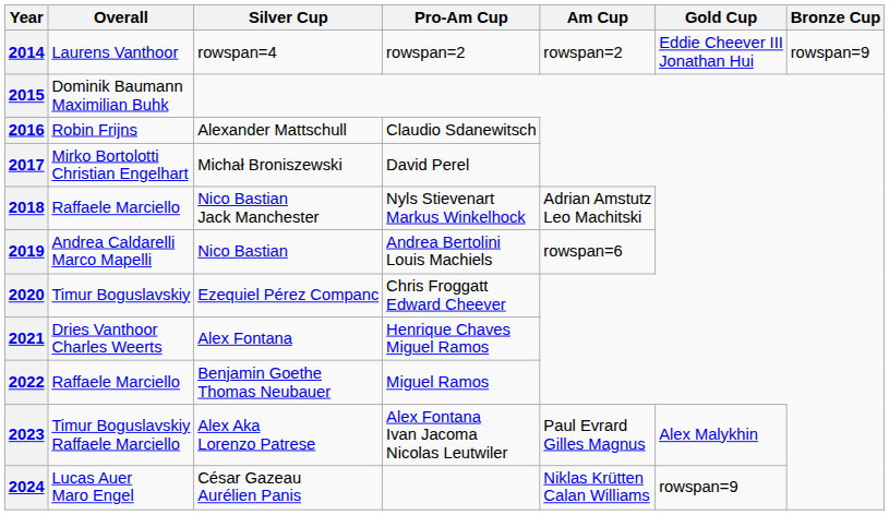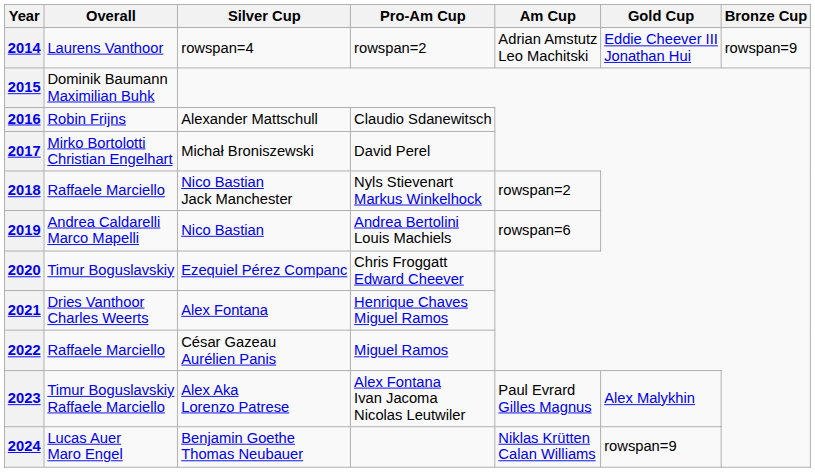 <table class="wikitable">
 <tr>
 <th>Year</th>
 <th>Overall</th>
 <th>Silver Cup</th>
 <th>Pro-Am Cup</th>
 <th>Am Cup</th>
 <th>Gold Cup</th>
 <th>Bronze Cup</th>
 </tr>
 <tr>
 <th><a href='#'>2014</a></th>
 <td> <a href='#'>Laurens Vanthoor</a></td>
 <td>rowspan=4 </td>
 <td>rowspan=2 </td>
-<td>rowspan=2 </td>
+<td> Adrian Amstutz<br> Leo Machitski</td>
 <td> <a href='#'>Eddie Cheever III</a><br> <a href='#'>Jonathan Hui</a></td>
 <td>rowspan=9 </td>
 </tr>
 <tr>
 <th><a href='#'>2015</a></th>
 <td> Dominik Baumann<br> <a href='#'>Maximilian Buhk</a></td>
 </tr>
 <tr>
 <th><a href='#'>2016</a></th>
 <td> <a href='#'>Robin Frijns</a></td>
 <td> Alexander Mattschull</td>
 <td> Claudio Sdanewitsch</td>
 </tr>
 <tr>
 <th><a href='#'>2017</a></th>
 <td> <a href='#'>Mirko Bortolotti</a><br> <a href='#'>Christian Engelhart</a></td>
 <td> Michał Broniszewski</td>
 <td> David Perel</td>
 </tr>
 <tr>
 <th><a href='#'>2018</a></th>
 <td> <a href='#'>Raffaele Marciello</a></td>
 <td> <a href='#'>Nico Bastian</a><br> Jack Manchester</td>
 <td> Nyls Stievenart<br> <a href='#'>Markus Winkelhock</a></td>
-<td> Adrian Amstutz<br> Leo Machitski</td>
+<td>rowspan=2 </td>
 </tr>
 <tr>
 <th><a href='#'>2019</a></th>
 <td> <a href='#'>Andrea Caldarelli</a><br> <a href='#'>Marco Mapelli</a></td>
 <td> <a href='#'>Nico Bastian</a></td>
 <td> <a href='#'>Andrea Bertolini</a><br> Louis Machiels</td>
 <td>rowspan=6 </td>
 </tr>
 <tr>
 <th><a href='#'>2020</a></th>
 <td> <a href='#'>Timur Boguslavskiy</a></td>
 <td> <a href='#'>Ezequiel Pérez Companc</a></td>
 <td> Chris Froggatt<br> <a href='#'>Edward Cheever</a></td>
 </tr>
 <tr>
 <th><a href='#'>2021</a></th>
 <td> <a href='#'>Dries Vanthoor</a><br> <a href='#'>Charles Weerts</a></td>
 <td> <a href='#'>Alex Fontana</a></td>
 <td> <a href='#'>Henrique Chaves</a><br> <a href='#'>Miguel Ramos</a></td>
 </tr>
 <tr>
 <th><a href='#'>2022</a></th>
 <td> <a href='#'>Raffaele Marciello</a></td>
-<td> <a href='#'>Benjamin Goethe</a><br> <a href='#'>Thomas Neubauer</a></td>
+<td> César Gazeau<br> <a href='#'>Aurélien Panis</a></td>
 <td> <a href='#'>Miguel Ramos</a></td>
 </tr>
 <tr>
 <th><a href='#'>2023</a></th>
 <td> <a href='#'>Timur Boguslavskiy</a><br> <a href='#'>Raffaele Marciello</a></td>
 <td> <a href='#'>Alex Aka</a><br> <a href='#'>Lorenzo Patrese</a></td>
 <td> <a href='#'>Alex Fontana</a><br> Ivan Jacoma<br> Nicolas Leutwiler</td>
 <td> Paul Evrard<br> <a href='#'>Gilles Magnus</a></td>
 <td> <a href='#'>Alex Malykhin</a></td>
 </tr>
 <tr>
 <th><a href='#'>2024</a></th>
 <td> <a href='#'>Lucas Auer</a><br> <a href='#'>Maro Engel</a></td>
-<td> César Gazeau<br> <a href='#'>Aurélien Panis</a></td>
+<td> <a href='#'>Benjamin Goethe</a><br> <a href='#'>Thomas Neubauer</a></td>
 <td></td>
 <td> <a href='#'>Niklas Krütten</a><br> <a href='#'>Calan Williams</a></td>
 <td>rowspan=9 </td>
 </tr>
 </table>
